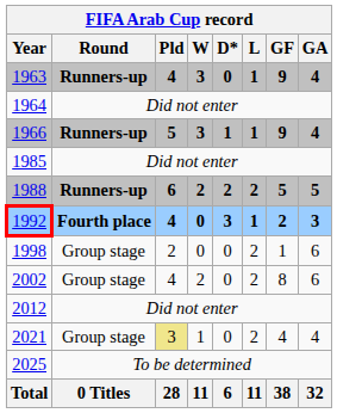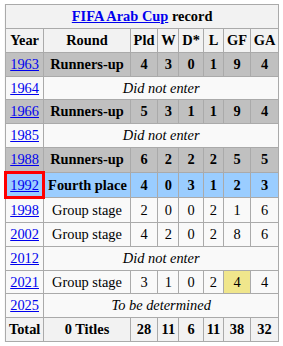 <table class="wikitable" style="text-align: center;font-size:90%;">
 <tr>
 <th colspan=9><a href='#'>FIFA Arab Cup</a> record</th>
 </tr>
 <tr>
 <th>Year</th>
 <th>Round</th>
 <th>Pld</th>
 <th>W</th>
 <th>D*</th>
 <th>L</th>
 <th>GF</th>
 <th>GA</th>
 </tr>
 <tr bgcolor=silver>
 <td> <a href='#'>1963</a></td>
 <td><strong>Runners-up</strong></td>
 <td><strong>4</strong></td>
 <td><strong>3</strong></td>
 <td><strong>0</strong></td>
 <td><strong>1</strong></td>
 <td><strong>9</strong></td>
 <td><strong>4</strong></td>
 </tr>
 <tr>
 <td> <a href='#'>1964</a></td>
 <td colspan=7><em>Did not enter</em></td>
 </tr>
 <tr bgcolor=silver>
 <td> <a href='#'>1966</a></td>
 <td><strong>Runners-up</strong></td>
 <td><strong>5</strong></td>
 <td><strong>3</strong></td>
 <td><strong>1</strong></td>
 <td><strong>1</strong></td>
 <td><strong>9</strong></td>
 <td><strong>4</strong></td>
 </tr>
 <tr>
 <td> <a href='#'>1985</a></td>
 <td colspan=7><em>Did not enter</em></td>
 </tr>
 <tr bgcolor=silver>
 <td> <a href='#'>1988</a></td>
 <td><strong>Runners-up</strong></td>
 <td><strong>6</strong></td>
 <td><strong>2</strong></td>
 <td><strong>2</strong></td>
 <td><strong>2</strong></td>
 <td><strong>5</strong></td>
 <td><strong>5</strong></td>
 </tr>
 <tr style="background:#9acdff;">
 <td style="border: 3px solid red"> <a href='#'>1992</a></td>
 <td><strong>Fourth place</strong></td>
 <td><strong>4</strong></td>
 <td><strong>0</strong></td>
 <td><strong>3</strong></td>
 <td><strong>1</strong></td>
 <td><strong>2</strong></td>
 <td><strong>3</strong></td>
 </tr>
 <tr>
 <td> <a href='#'>1998</a></td>
 <td>Group stage</td>
 <td>2</td>
 <td>0</td>
 <td>0</td>
 <td>2</td>
 <td>1</td>
 <td>6</td>
 </tr>
 <tr>
 <td> <a href='#'>2002</a></td>
 <td>Group stage</td>
 <td>4</td>
 <td>2</td>
 <td>0</td>
 <td>2</td>
 <td>8</td>
 <td>6</td>
 </tr>
 <tr>
 <td> <a href='#'>2012</a></td>
 <td colspan=7><em>Did not enter</em></td>
 </tr>
 <tr>
 <td> <a href='#'>2021</a></td>
 <td>Group stage</td>
-<td style="background: khaki;">3</td>
+<td>3</td>
 <td>1</td>
 <td>0</td>
 <td>2</td>
-<td>4</td>
+<td style="background: khaki;">4</td>
 <td>4</td>
 </tr>
 <tr>
 <td> <a href='#'>2025</a></td>
 <td colspan=7><em>To be determined</em></td>
 </tr>
 <tr>
 <th><strong>Total</strong></th>
 <th><strong>0 Titles</strong></th>
 <th><strong>28</strong></th>
 <th><strong>11</strong></th>
 <th><strong>6</strong></th>
 <th><strong>11</strong></th>
 <th><strong>38</strong></th>
 <th><strong>32</strong></th>
 </tr>
 </table>
